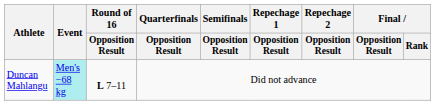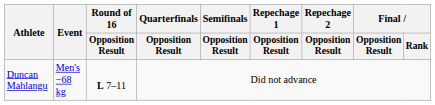 <table class="wikitable" style="font-size:90%;">
 <tr>
 <th rowspan=2>Athlete</th>
 <th rowspan=2>Event</th>
 <th>Round of 16</th>
 <th>Quarterfinals</th>
 <th>Semifinals</th>
 <th>Repechage 1</th>
 <th>Repechage 2</th>
 <th colspan=2>Final / </th>
 </tr>
 <tr style="font-size:95%">
 <th>Opposition<br>Result</th>
 <th>Opposition<br>Result</th>
 <th>Opposition<br>Result</th>
 <th>Opposition<br>Result</th>
 <th>Opposition<br>Result</th>
 <th>Opposition<br>Result</th>
 <th>Rank</th>
 </tr>
 <tr align=center>
 <td align=left><a href='#'>Duncan Mahlangu</a></td>
-<td align=left style="background: paleturquoise;"><a href='#'>Men's −68 kg</a></td>
+<td align=left><a href='#'>Men's −68 kg</a></td>
 <td><br><strong>L</strong> 7–11</td>
 <td colspan=6>Did not advance</td>
 </tr>
 </table>
